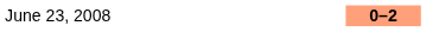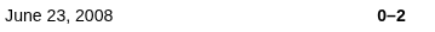 <table width=100% cellspacing=1>
 <tr>
 <th width=120></th>
 <th width=220></th>
 <th width=70></th>
 <th width=220></th>
 <th></th>
 </tr>
 <tr>
 <td align=right>June 23, 2008</td>
 <td align=right><strong></strong></td>
-<td align=center style="background: lightsalmon;"><strong>0–2</strong></td>
+<td align=center><strong>0–2</strong></td>
 <td><strong></strong></td>
 </tr>
 </table>
